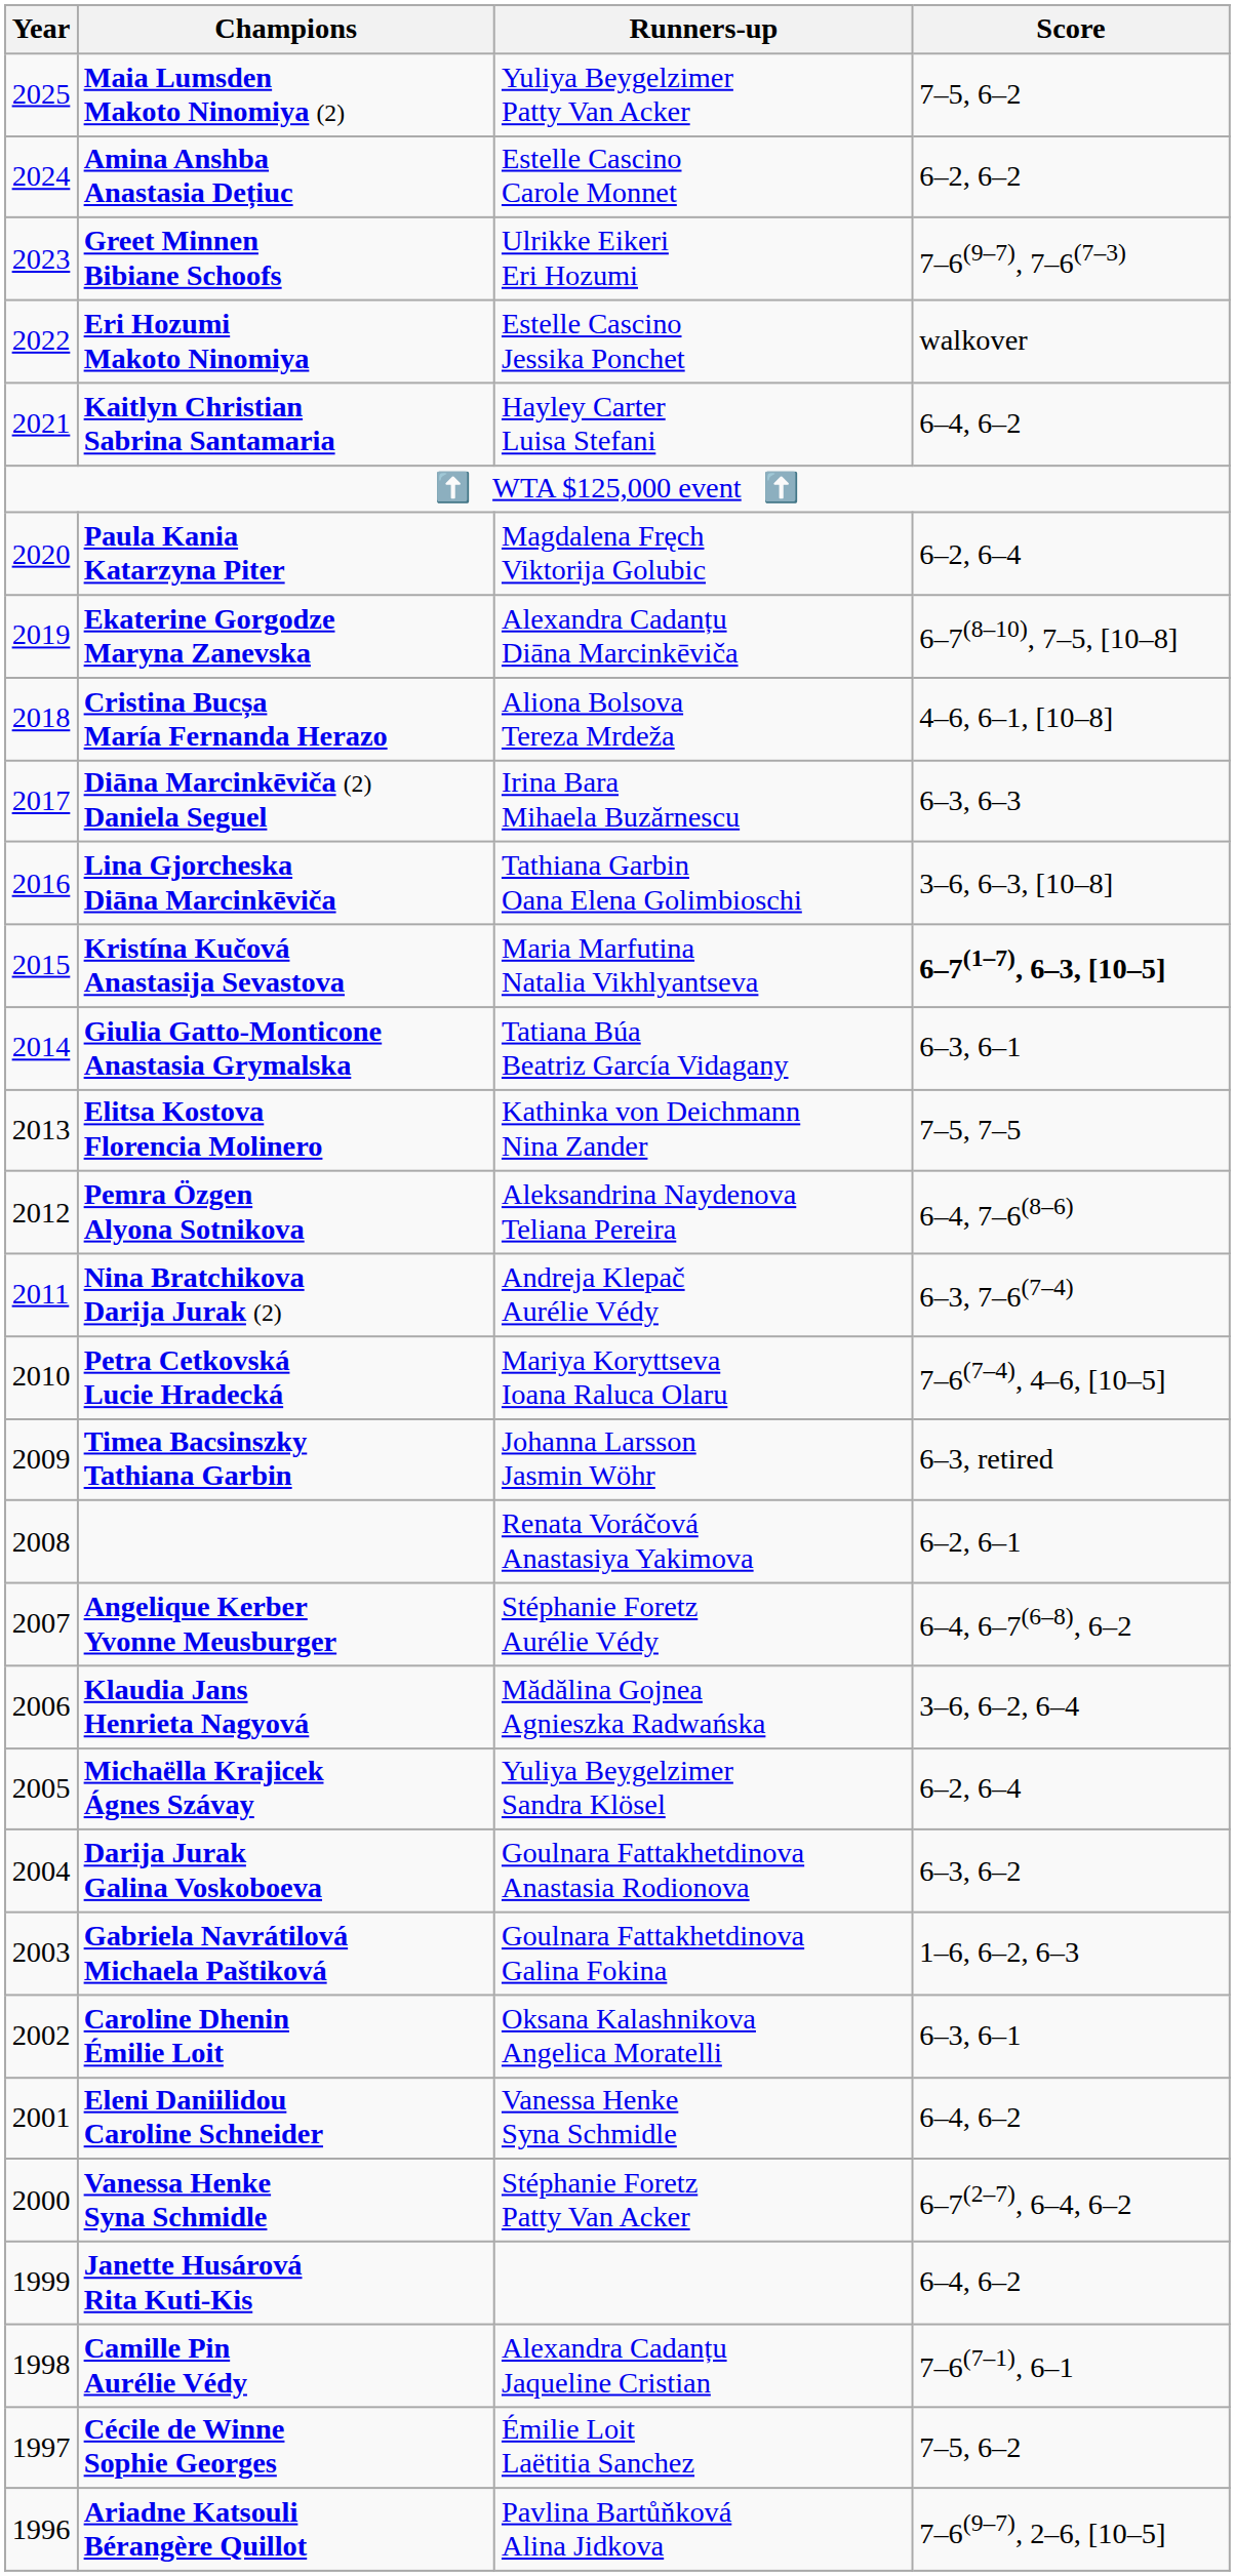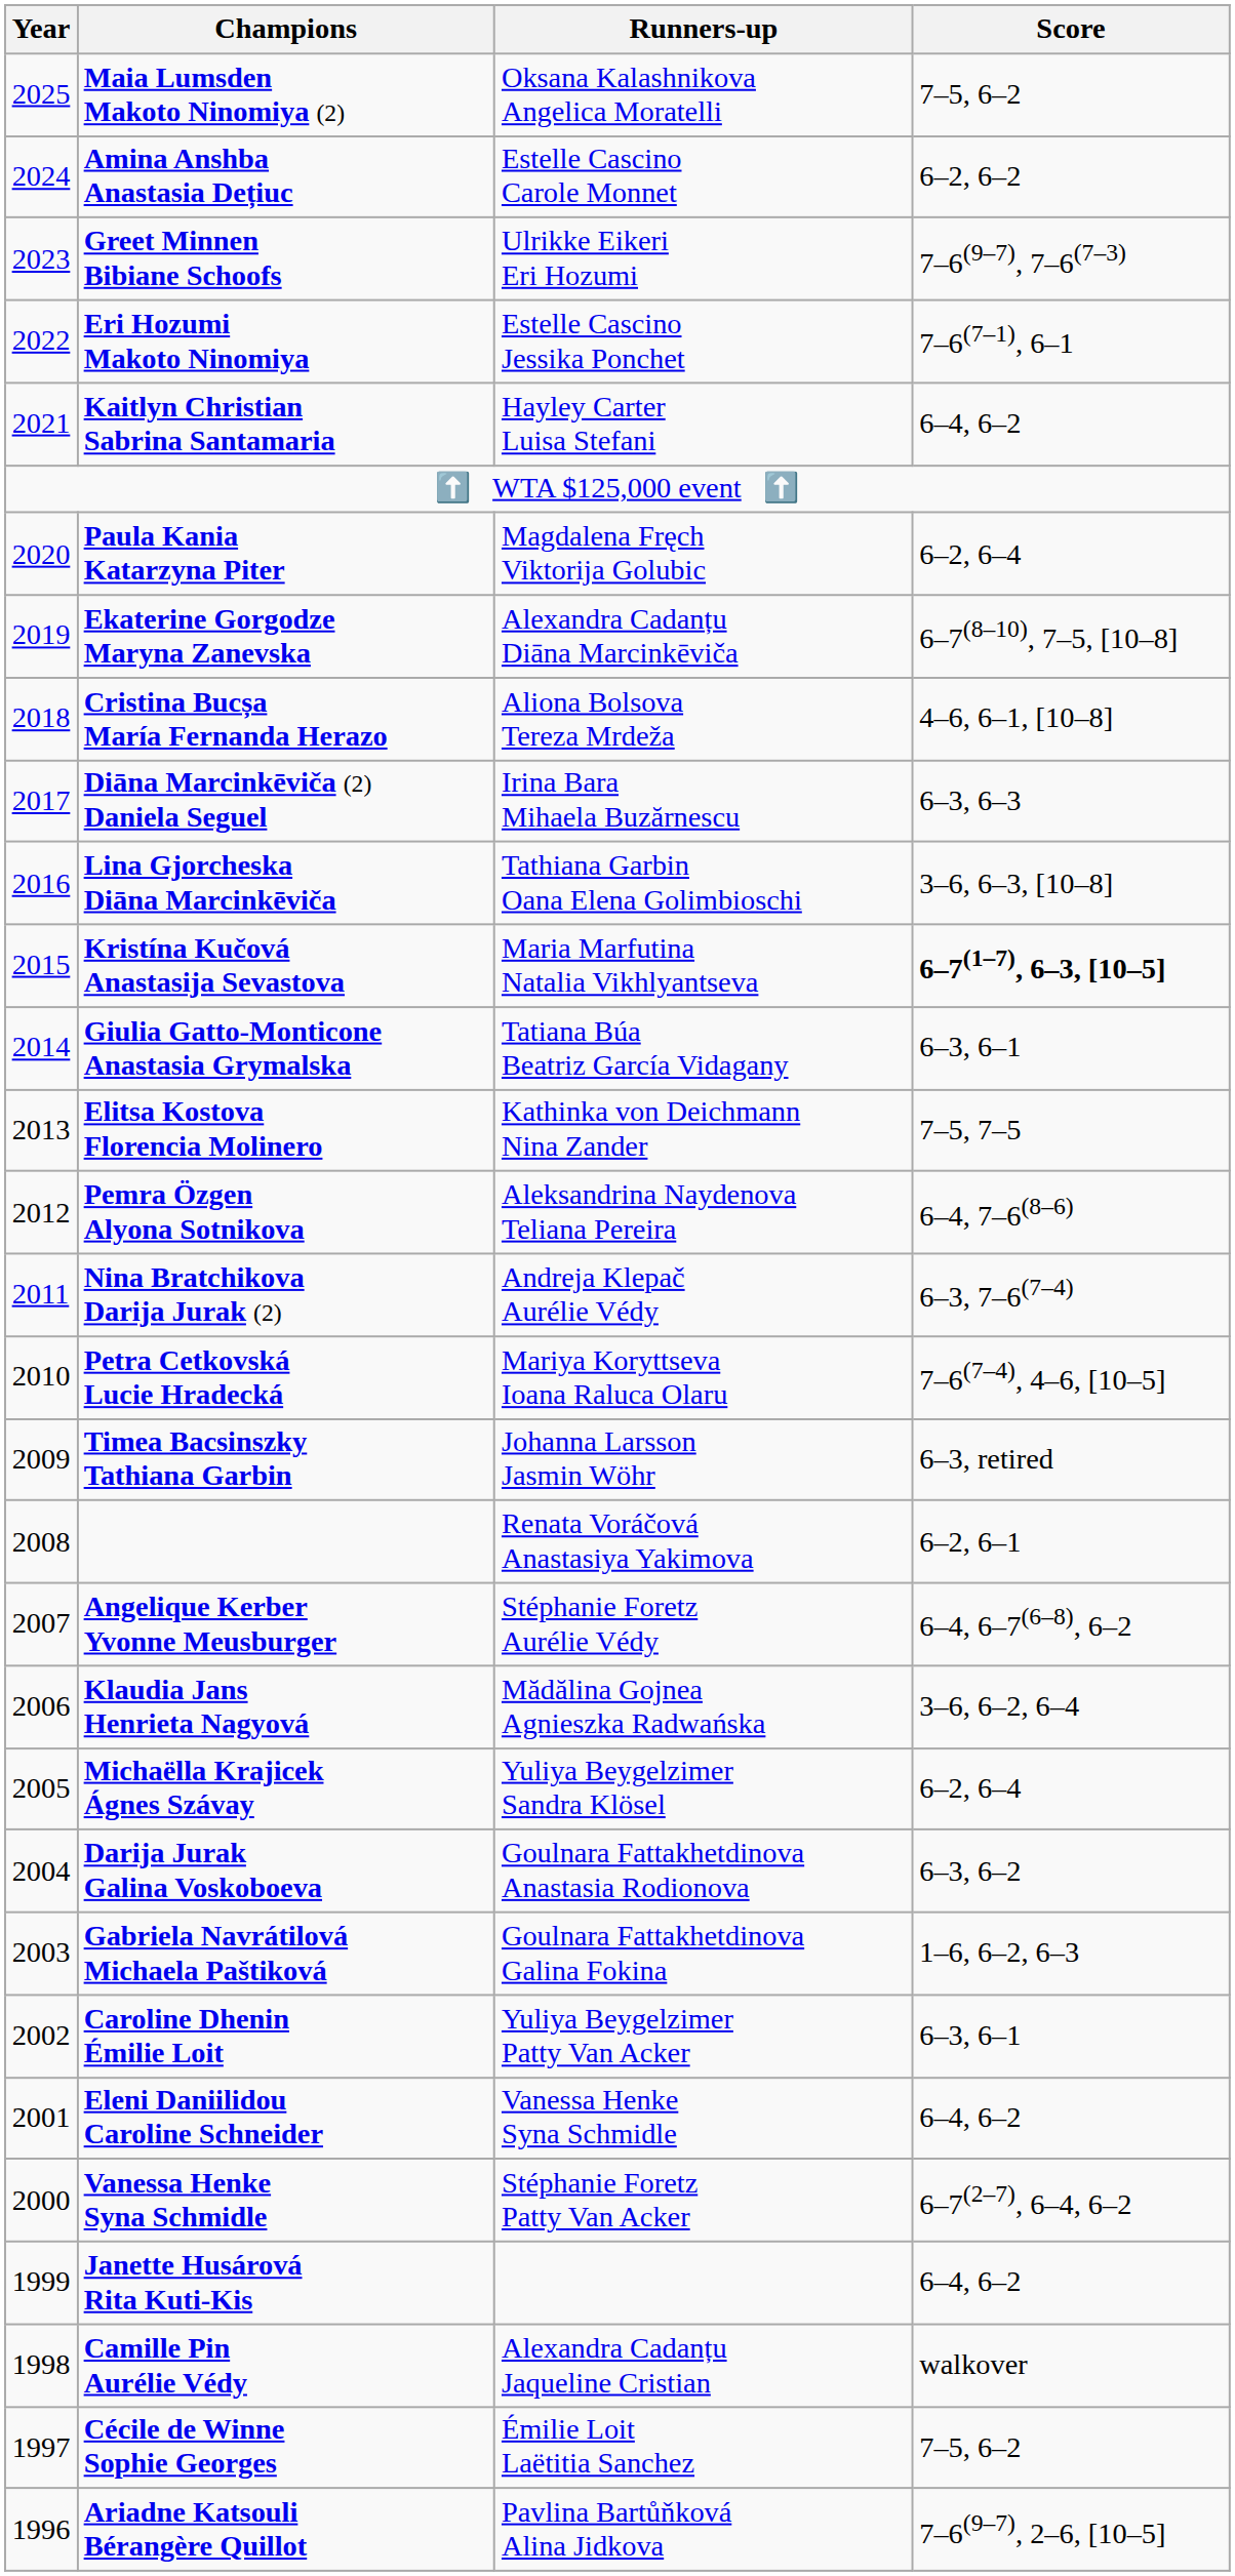 <table class="wikitable" style="font-size:90%">
 <tr>
 <th>Year</th>
 <th width="200">Champions</th>
 <th width="200">Runners-up</th>
 <th width="150">Score</th>
 </tr>
 <tr>
 <td><a href='#'>2025</a></td>
 <td><strong> <a href='#'>Maia Lumsden</a> <br>  <a href='#'>Makoto Ninomiya</a></strong> <small>(2)</small></td>
-<td> <a href='#'>Yuliya Beygelzimer</a> <br>  <a href='#'>Patty Van Acker</a></td>
+<td> <a href='#'>Oksana Kalashnikova</a> <br>  <a href='#'>Angelica Moratelli</a></td>
 <td>7–5, 6–2</td>
 </tr>
 <tr>
 <td><a href='#'>2024</a></td>
 <td><strong> <a href='#'>Amina Anshba</a> <br>  <a href='#'>Anastasia Dețiuc</a></strong></td>
 <td> <a href='#'>Estelle Cascino</a> <br>  <a href='#'>Carole Monnet</a></td>
 <td>6–2, 6–2</td>
 </tr>
 <tr>
 <td><a href='#'>2023</a></td>
 <td><strong> <a href='#'>Greet Minnen</a> <br>  <a href='#'>Bibiane Schoofs</a></strong></td>
 <td> <a href='#'>Ulrikke Eikeri</a> <br>  <a href='#'>Eri Hozumi</a></td>
 <td>7–6<sup>(9–7)</sup>, 7–6<sup>(7–3)</sup></td>
 </tr>
 <tr>
 <td><a href='#'>2022</a></td>
 <td><strong> <a href='#'>Eri Hozumi</a> <br>  <a href='#'>Makoto Ninomiya</a></strong></td>
 <td> <a href='#'>Estelle Cascino</a> <br>  <a href='#'>Jessika Ponchet</a></td>
-<td>walkover</td>
+<td>7–6<sup>(7–1)</sup>, 6–1</td>
 </tr>
 <tr>
 <td><a href='#'>2021</a></td>
 <td><strong> <a href='#'>Kaitlyn Christian</a> <br>  <a href='#'>Sabrina Santamaria</a></strong></td>
 <td> <a href='#'>Hayley Carter</a> <br>  <a href='#'>Luisa Stefani</a></td>
 <td>6–4, 6–2</td>
 </tr>
 <tr>
 <td colspan="4" align="center">⬆️   <a href='#'>WTA $125,000 event</a>   ⬆️</td>
 </tr>
 <tr>
 <td><a href='#'>2020</a></td>
 <td><strong> <a href='#'>Paula Kania</a> <br>  <a href='#'>Katarzyna Piter</a></strong></td>
 <td> <a href='#'>Magdalena Fręch</a> <br>  <a href='#'>Viktorija Golubic</a></td>
 <td>6–2, 6–4</td>
 </tr>
 <tr>
 <td><a href='#'>2019</a></td>
 <td><strong> <a href='#'>Ekaterine Gorgodze</a> <br>  <a href='#'>Maryna Zanevska</a></strong></td>
 <td> <a href='#'>Alexandra Cadanțu</a> <br>  <a href='#'>Diāna Marcinkēviča</a></td>
 <td>6–7<sup>(8–10)</sup>, 7–5, [10–8]</td>
 </tr>
 <tr>
 <td><a href='#'>2018</a></td>
 <td><strong> <a href='#'>Cristina Bucșa</a> <br>  <a href='#'>María Fernanda Herazo</a></strong></td>
 <td> <a href='#'>Aliona Bolsova</a> <br>  <a href='#'>Tereza Mrdeža</a></td>
 <td>4–6, 6–1, [10–8]</td>
 </tr>
 <tr>
 <td><a href='#'>2017</a></td>
 <td><strong> <a href='#'>Diāna Marcinkēviča</a></strong> <small>(2)</small> <br>  <strong><a href='#'>Daniela Seguel</a></strong></td>
 <td> <a href='#'>Irina Bara</a> <br>  <a href='#'>Mihaela Buzărnescu</a></td>
 <td>6–3, 6–3</td>
 </tr>
 <tr>
 <td><a href='#'>2016</a></td>
 <td><strong> <a href='#'>Lina Gjorcheska</a> <br>  <a href='#'>Diāna Marcinkēviča</a></strong></td>
 <td> <a href='#'>Tathiana Garbin</a> <br>  <a href='#'>Oana Elena Golimbioschi</a></td>
 <td>3–6, 6–3, [10–8]</td>
 </tr>
 <tr>
 <td><a href='#'>2015</a></td>
 <td><strong> <a href='#'>Kristína Kučová</a> <br>  <a href='#'>Anastasija Sevastova</a></strong></td>
 <td> <a href='#'>Maria Marfutina</a> <br>  <a href='#'>Natalia Vikhlyantseva</a></td>
 <td><strong>6–7<sup>(1–7)</sup>, 6–3, [10–5]</strong></td>
 </tr>
 <tr>
 <td><a href='#'>2014</a></td>
 <td><strong> <a href='#'>Giulia Gatto-Monticone</a> <br>  <a href='#'>Anastasia Grymalska</a></strong></td>
 <td> <a href='#'>Tatiana Búa</a> <br>  <a href='#'>Beatriz García Vidagany</a></td>
 <td>6–3, 6–1</td>
 </tr>
 <tr>
 <td>2013</td>
 <td><strong> <a href='#'>Elitsa Kostova</a> <br>  <a href='#'>Florencia Molinero</a></strong></td>
 <td> <a href='#'>Kathinka von Deichmann</a> <br>  <a href='#'>Nina Zander</a></td>
 <td>7–5, 7–5</td>
 </tr>
 <tr>
 <td>2012</td>
 <td><strong> <a href='#'>Pemra Özgen</a> <br>  <a href='#'>Alyona Sotnikova</a></strong></td>
 <td> <a href='#'>Aleksandrina Naydenova</a> <br>  <a href='#'>Teliana Pereira</a></td>
 <td>6–4, 7–6<sup>(8–6)</sup></td>
 </tr>
 <tr>
 <td><a href='#'>2011</a></td>
 <td><strong> <a href='#'>Nina Bratchikova</a> <br>  <a href='#'>Darija Jurak</a></strong> <small>(2)</small></td>
 <td> <a href='#'>Andreja Klepač</a> <br>  <a href='#'>Aurélie Védy</a></td>
 <td>6–3, 7–6<sup>(7–4)</sup></td>
 </tr>
 <tr>
 <td>2010</td>
 <td><strong> <a href='#'>Petra Cetkovská</a> <br>  <a href='#'>Lucie Hradecká</a></strong></td>
 <td> <a href='#'>Mariya Koryttseva</a> <br>  <a href='#'>Ioana Raluca Olaru</a></td>
 <td>7–6<sup>(7–4)</sup>, 4–6, [10–5]</td>
 </tr>
 <tr>
 <td>2009</td>
 <td><strong> <a href='#'>Timea Bacsinszky</a> <br>  <a href='#'>Tathiana Garbin</a></strong></td>
 <td> <a href='#'>Johanna Larsson</a> <br>  <a href='#'>Jasmin Wöhr</a></td>
 <td>6–3, retired</td>
 </tr>
 <tr>
 <td>2008</td>
 <td><strong></strong></td>
 <td> <a href='#'>Renata Voráčová</a> <br>  <a href='#'>Anastasiya Yakimova</a></td>
 <td>6–2, 6–1</td>
 </tr>
 <tr>
 <td>2007</td>
 <td><strong> <a href='#'>Angelique Kerber</a> <br>  <a href='#'>Yvonne Meusburger</a></strong></td>
 <td> <a href='#'>Stéphanie Foretz</a> <br>  <a href='#'>Aurélie Védy</a></td>
 <td>6–4, 6–7<sup>(6–8)</sup>, 6–2</td>
 </tr>
 <tr>
 <td>2006</td>
 <td><strong> <a href='#'>Klaudia Jans</a> <br>  <a href='#'>Henrieta Nagyová</a></strong></td>
 <td> <a href='#'>Mădălina Gojnea</a> <br>  <a href='#'>Agnieszka Radwańska</a></td>
 <td>3–6, 6–2, 6–4</td>
 </tr>
 <tr>
 <td>2005</td>
 <td><strong> <a href='#'>Michaëlla Krajicek</a> <br>  <a href='#'>Ágnes Szávay</a></strong></td>
 <td> <a href='#'>Yuliya Beygelzimer</a> <br>  <a href='#'>Sandra Klösel</a></td>
 <td>6–2, 6–4</td>
 </tr>
 <tr>
 <td>2004</td>
 <td><strong> <a href='#'>Darija Jurak</a> <br>  <a href='#'>Galina Voskoboeva</a></strong></td>
 <td> <a href='#'>Goulnara Fattakhetdinova</a> <br>  <a href='#'>Anastasia Rodionova</a></td>
 <td>6–3, 6–2</td>
 </tr>
 <tr>
 <td>2003</td>
 <td><strong> <a href='#'>Gabriela Navrátilová</a> <br>  <a href='#'>Michaela Paštiková</a></strong></td>
 <td> <a href='#'>Goulnara Fattakhetdinova</a> <br>  <a href='#'>Galina Fokina</a></td>
 <td>1–6, 6–2, 6–3</td>
 </tr>
 <tr>
 <td>2002</td>
 <td><strong> <a href='#'>Caroline Dhenin</a> <br>  <a href='#'>Émilie Loit</a></strong></td>
-<td> <a href='#'>Oksana Kalashnikova</a> <br>  <a href='#'>Angelica Moratelli</a></td>
+<td> <a href='#'>Yuliya Beygelzimer</a> <br>  <a href='#'>Patty Van Acker</a></td>
 <td>6–3, 6–1</td>
 </tr>
 <tr>
 <td>2001</td>
 <td><strong> <a href='#'>Eleni Daniilidou</a> <br>  <a href='#'>Caroline Schneider</a></strong></td>
 <td> <a href='#'>Vanessa Henke</a> <br>  <a href='#'>Syna Schmidle</a></td>
 <td>6–4, 6–2</td>
 </tr>
 <tr>
 <td>2000</td>
 <td><strong> <a href='#'>Vanessa Henke</a> <br>  <a href='#'>Syna Schmidle</a></strong></td>
 <td> <a href='#'>Stéphanie Foretz</a> <br>  <a href='#'>Patty Van Acker</a></td>
 <td>6–7<sup>(2–7)</sup>, 6–4, 6–2</td>
 </tr>
 <tr>
 <td>1999</td>
 <td><strong> <a href='#'>Janette Husárová</a> <br>  <a href='#'>Rita Kuti-Kis</a></strong></td>
 <td></td>
 <td>6–4, 6–2</td>
 </tr>
 <tr>
 <td>1998</td>
 <td><strong> <a href='#'>Camille Pin</a> <br>  <a href='#'>Aurélie Védy</a></strong></td>
 <td> <a href='#'>Alexandra Cadanțu</a> <br>  <a href='#'>Jaqueline Cristian</a></td>
-<td>7–6<sup>(7–1)</sup>, 6–1</td>
+<td>walkover</td>
 </tr>
 <tr>
 <td>1997</td>
 <td><strong> <a href='#'>Cécile de Winne</a> <br>  <a href='#'>Sophie Georges</a></strong></td>
 <td> <a href='#'>Émilie Loit</a> <br>  <a href='#'>Laëtitia Sanchez</a></td>
 <td>7–5, 6–2</td>
 </tr>
 <tr>
 <td>1996</td>
 <td><strong> <a href='#'>Ariadne Katsouli</a> <br>  <a href='#'>Bérangère Quillot</a></strong></td>
 <td> <a href='#'>Pavlina Bartůňková</a> <br>  <a href='#'>Alina Jidkova</a></td>
 <td>7–6<sup>(9–7)</sup>, 2–6, [10–5]</td>
 </tr>
 </table>
